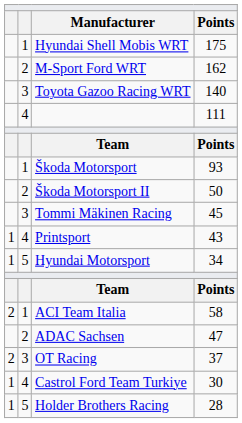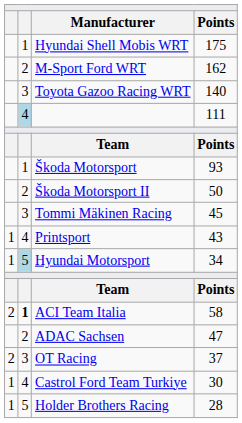 <table class="wikitable" style="font-size: 85%;">
 <tr>
 <td style="background-color:#EAECF0; text-align:center" colspan="4"></td>
 </tr>
 <tr>
 <th></th>
 <th></th>
 <th>Manufacturer</th>
 <th>Points</th>
 </tr>
 <tr>
 <td align="left"></td>
 <td align="center">1</td>
 <td> <a href='#'>Hyundai Shell Mobis WRT</a></td>
 <td align="center">175</td>
 </tr>
 <tr>
 <td align="left"></td>
 <td align="center">2</td>
 <td> <a href='#'>M-Sport Ford WRT</a></td>
 <td align="center">162</td>
 </tr>
 <tr>
 <td align="left"></td>
 <td align="center">3</td>
 <td> <a href='#'>Toyota Gazoo Racing WRT</a></td>
 <td align="center">140</td>
 </tr>
 <tr>
 <td align="left"></td>
-<td align="center">4</td>
+<td align="center" style="background: lightblue;">4</td>
 <td></td>
 <td align="center">111</td>
 </tr>
 <tr>
 <td style="background-color:#EAECF0; text-align:center" colspan="4"></td>
 </tr>
 <tr>
 <th></th>
 <th></th>
 <th>Team</th>
 <th>Points</th>
 </tr>
 <tr>
 <td align="left"></td>
 <td align="center">1</td>
 <td> <a href='#'>Škoda Motorsport</a></td>
 <td align="center">93</td>
 </tr>
 <tr>
 <td align="left"></td>
 <td align="center">2</td>
 <td> <a href='#'>Škoda Motorsport II</a></td>
 <td align="center">50</td>
 </tr>
 <tr>
 <td align="left"></td>
 <td align="center">3</td>
 <td> <a href='#'>Tommi Mäkinen Racing</a></td>
 <td align="center">45</td>
 </tr>
 <tr>
 <td align="left"> 1</td>
 <td align="center">4</td>
 <td> <a href='#'>Printsport</a></td>
 <td align="center">43</td>
 </tr>
 <tr>
 <td align="left"> 1</td>
-<td align="center">5</td>
+<td align="center" style="background: lightblue;">5</td>
 <td> <a href='#'>Hyundai Motorsport</a></td>
 <td align="center">34</td>
 </tr>
 <tr>
 <td style="background-color:#EAECF0; text-align:center" colspan="4"></td>
 </tr>
 <tr>
 <th></th>
 <th></th>
 <th>Team</th>
 <th>Points</th>
 </tr>
 <tr>
 <td align="left"> 2</td>
-<td align="center">1</td>
+<td align="center"><strong>1</strong></td>
 <td> <a href='#'>ACI Team Italia</a></td>
 <td align="center">58</td>
 </tr>
 <tr>
 <td align="left"></td>
 <td align="center">2</td>
 <td> <a href='#'>ADAC Sachsen</a></td>
 <td align="center">47</td>
 </tr>
 <tr>
 <td align="left"> 2</td>
 <td align="center">3</td>
 <td> <a href='#'>OT Racing</a></td>
 <td align="center">37</td>
 </tr>
 <tr>
 <td align="left"> 1</td>
 <td align="center">4</td>
 <td> <a href='#'>Castrol Ford Team Turkiye</a></td>
 <td align="center">30</td>
 </tr>
 <tr>
 <td align="left"> 1</td>
 <td align="center">5</td>
 <td> <a href='#'>Holder Brothers Racing</a></td>
 <td align="center">28</td>
 </tr>
 </table>
